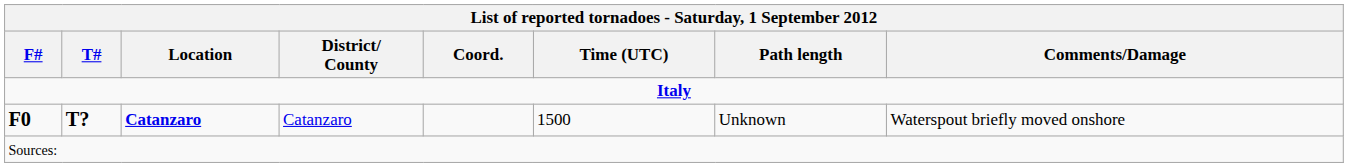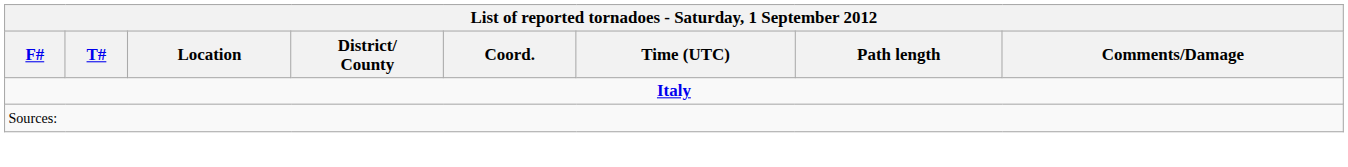 <table class="wikitable collapsible" width="100%">
 <tr>
 <th colspan="8">List of reported tornadoes - Saturday, 1 September 2012</th>
 </tr>
 <tr>
 <th><a href='#'>F#</a></th>
 <th><a href='#'>T#</a></th>
 <th>Location</th>
 <th>District/<br>County</th>
 <th>Coord.</th>
 <th>Time (UTC)</th>
 <th>Path length</th>
 <th>Comments/Damage</th>
 </tr>
 <tr>
 <td colspan="8" align=center><strong><a href='#'>Italy</a></strong></td>
 </tr>
 <tr>
-<td><big><strong>F0</strong></big></td>
-<td><big><strong>T?</strong></big></td>
-<td><strong><a href='#'>Catanzaro</a></strong></td>
-<td><a href='#'>Catanzaro</a></td>
-<td></td>
-<td>1500</td>
-<td>Unknown</td>
-<td>Waterspout briefly moved onshore</td>
-</tr>
-<tr>
 <td colspan="8"><small>Sources:  </small></td>
 </tr>
 </table>
